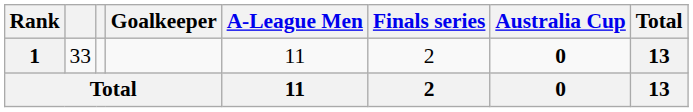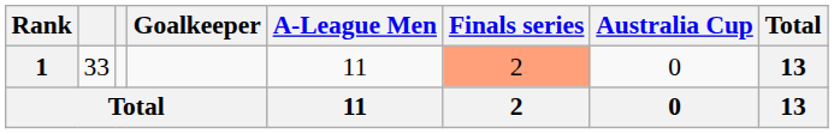 <table class="wikitable" style="text-align:center">
 <tr>
 <th>Rank</th>
 <th></th>
 <th></th>
 <th>Goalkeeper</th>
 <th><a href='#'>A-League Men</a></th>
 <th><a href='#'>Finals series</a></th>
 <th><a href='#'>Australia Cup</a></th>
 <th>Total</th>
 </tr>
 <tr>
 <th>1</th>
 <td>33</td>
 <td></td>
 <td align="left"></td>
 <td>11</td>
-<td>2</td>
-<td><strong>0</strong></td>
+<td style="background: lightsalmon;">2</td>
+<td>0</td>
 <th>13</th>
 </tr>
 <tr>
 <th colspan="4">Total</th>
 <th>11</th>
 <th>2</th>
 <th>0</th>
 <th>13</th>
 </tr>
 </table>
